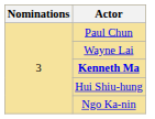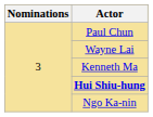 <table class="wikitable" rowspan=2 style="text-align: center; background: #f6e39c">
 <tr>
 <th scope="col" width="55">Nominations</th>
 <th scope="col" align="center">Actor</th>
 </tr>
 <tr>
 <td rowspan=5 style="text-align:center;">3</td>
 <td><a href='#'>Paul Chun</a></td>
 </tr>
 <tr>
 <td><a href='#'>Wayne Lai</a></td>
 </tr>
 <tr>
-<td><strong><a href='#'>Kenneth Ma</a></strong></td>
+<td><a href='#'>Kenneth Ma</a></td>
 </tr>
 <tr>
-<td><a href='#'>Hui Shiu-hung</a></td>
+<td><strong><a href='#'>Hui Shiu-hung</a></strong></td>
 </tr>
 <tr>
 <td><a href='#'>Ngo Ka-nin</a></td>
 </tr>
 </table>
